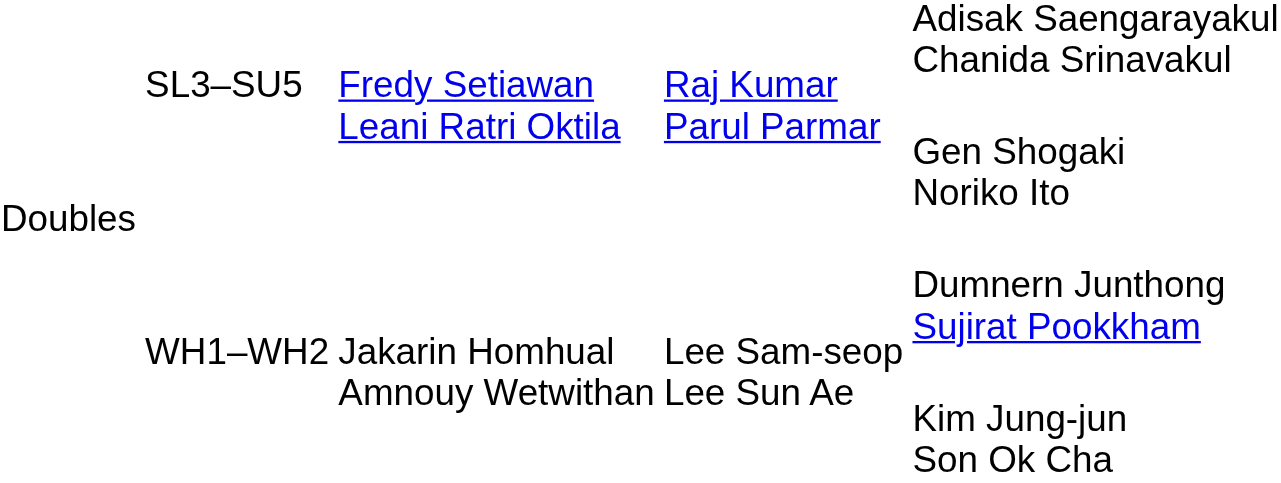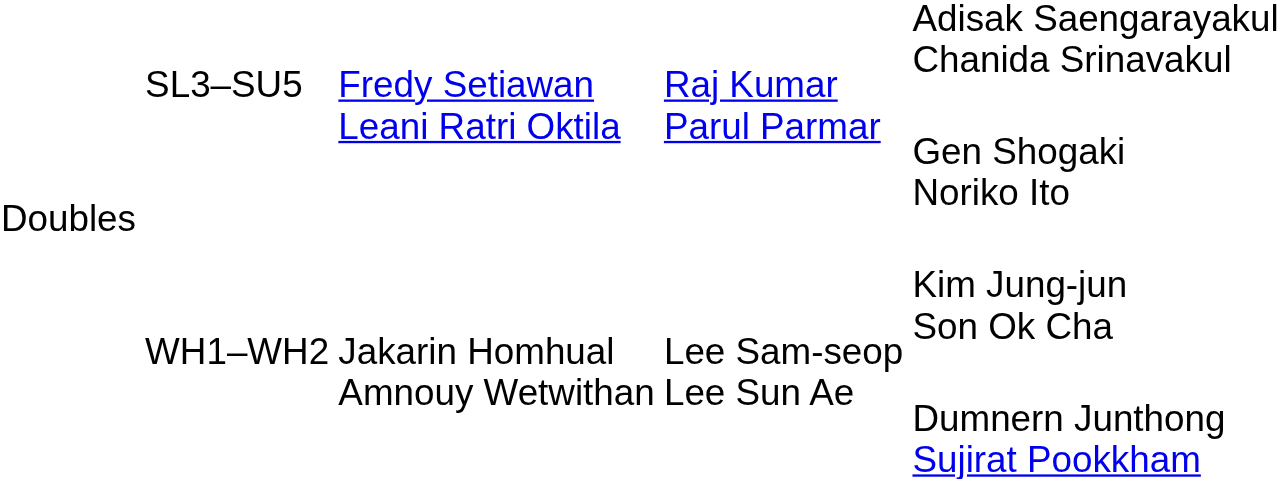 <table>
 <tr>
 <td rowspan=4>Doubles</td>
 <td rowspan=2>SL3–SU5</td>
 <td rowspan=2><br><a href='#'>Fredy Setiawan</a><br><a href='#'>Leani Ratri Oktila</a></td>
 <td rowspan=2><br><a href='#'>Raj Kumar</a><br><a href='#'>Parul Parmar</a></td>
 <td><br>Adisak Saengarayakul<br>Chanida Srinavakul</td>
 </tr>
 <tr>
 <td><br>Gen Shogaki<br>Noriko Ito</td>
 </tr>
 <tr>
 <td rowspan=2>WH1–WH2</td>
 <td rowspan=2><br>Jakarin Homhual<br>Amnouy Wetwithan</td>
 <td rowspan=2><br>Lee Sam-seop<br>Lee Sun Ae</td>
+<td><br>Kim Jung-jun<br>Son Ok Cha</td>
+</tr>
+<tr>
 <td><br>Dumnern Junthong<br><a href='#'>Sujirat Pookkham</a></td>
 </tr>
-<tr>
-<td><br>Kim Jung-jun<br>Son Ok Cha</td>
-</tr>
 </table>
